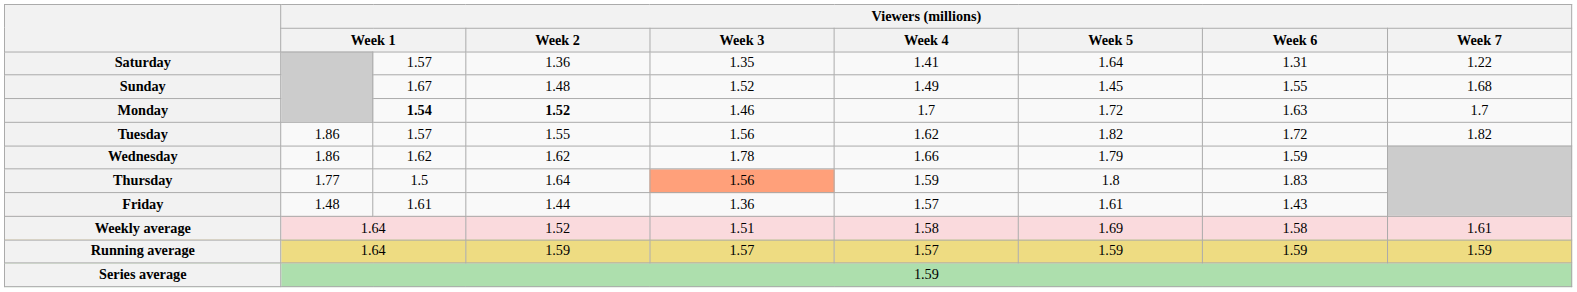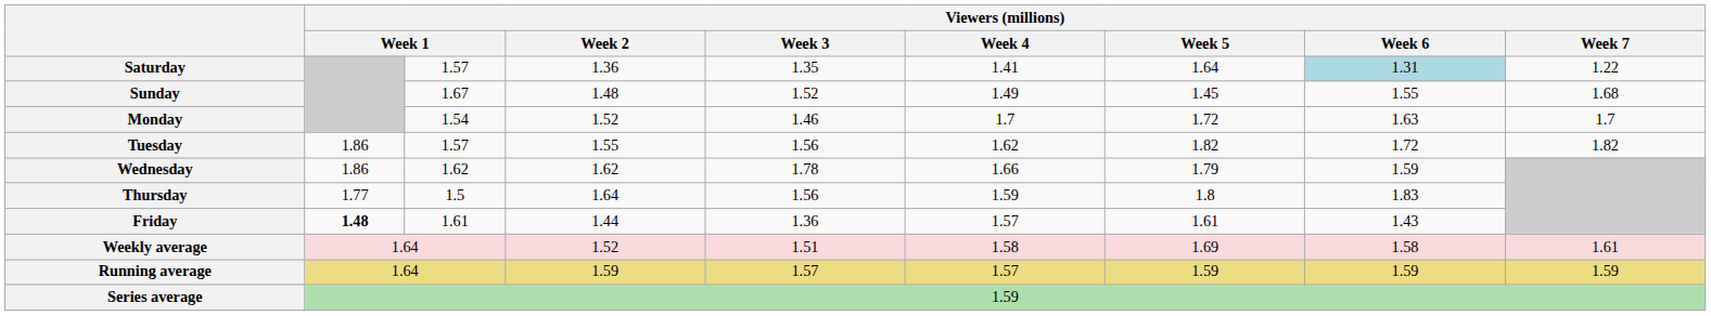 <table class="wikitable" style="font-size:90%; text-align:center; width: 100%; margin-left: auto; margin-right: auto;">
 <tr>
 <th scope="col" rowspan="2" style="width:12%;"></th>
 <th scope=col colspan=10>Viewers (millions)</th>
 </tr>
 <tr>
 <th colspan="2" style="width:8%;">Week 1</th>
 <th style="width:8%;">Week 2</th>
 <th style="width:8%;">Week 3</th>
 <th style="width:8%;">Week 4</th>
 <th style="width:8%;">Week 5</th>
 <th style="width:8%;">Week 6</th>
 <th style="width:8%;">Week 7</th>
 </tr>
 <tr>
 <th>Saturday</th>
 <td style="background:#ccc;" rowspan="3"></td>
 <td>1.57</td>
 <td>1.36</td>
 <td>1.35</td>
 <td>1.41</td>
 <td>1.64</td>
-<td>1.31</td>
+<td style="background: lightblue;">1.31</td>
 <td>1.22</td>
 </tr>
 <tr>
 <th>Sunday</th>
 <td>1.67</td>
 <td>1.48</td>
 <td>1.52</td>
 <td>1.49</td>
 <td>1.45</td>
 <td>1.55</td>
 <td>1.68</td>
 </tr>
 <tr>
 <th>Monday</th>
-<td><strong>1.54</strong></td>
-<td><strong>1.52</strong></td>
+<td>1.54</td>
+<td>1.52</td>
 <td>1.46</td>
 <td>1.7</td>
 <td>1.72</td>
 <td>1.63</td>
 <td>1.7</td>
 </tr>
 <tr>
 <th>Tuesday</th>
 <td>1.86</td>
 <td>1.57</td>
 <td>1.55</td>
 <td>1.56</td>
 <td>1.62</td>
 <td>1.82</td>
 <td>1.72</td>
 <td>1.82</td>
 </tr>
 <tr>
 <th>Wednesday</th>
 <td>1.86</td>
 <td>1.62</td>
 <td>1.62</td>
 <td>1.78</td>
 <td>1.66</td>
 <td>1.79</td>
 <td>1.59</td>
 <td style="background:#ccc;" rowspan="3"></td>
 </tr>
 <tr>
 <th>Thursday</th>
 <td>1.77</td>
 <td>1.5</td>
 <td>1.64</td>
-<td style="background: lightsalmon;">1.56</td>
+<td>1.56</td>
 <td>1.59</td>
 <td>1.8</td>
 <td>1.83</td>
 </tr>
 <tr>
 <th>Friday</th>
-<td>1.48</td>
+<td><strong>1.48</strong></td>
 <td>1.61</td>
 <td>1.44</td>
 <td>1.36</td>
 <td>1.57</td>
 <td>1.61</td>
 <td>1.43</td>
 </tr>
 <tr style="background:#FADADD;" |>
 <th>Weekly average</th>
 <td colspan="2">1.64</td>
 <td>1.52</td>
 <td>1.51</td>
 <td>1.58</td>
 <td>1.69</td>
 <td>1.58</td>
 <td>1.61</td>
 </tr>
 <tr style="background:#EEDC82;" |>
 <th>Running average</th>
 <td colspan="2">1.64</td>
 <td>1.59</td>
 <td>1.57</td>
 <td>1.57</td>
 <td>1.59</td>
 <td>1.59</td>
 <td>1.59</td>
 </tr>
 <tr style="background:#ADDFAD;" |>
 <th>Series average</th>
 <td colspan="10">1.59</td>
 </tr>
 </table>
